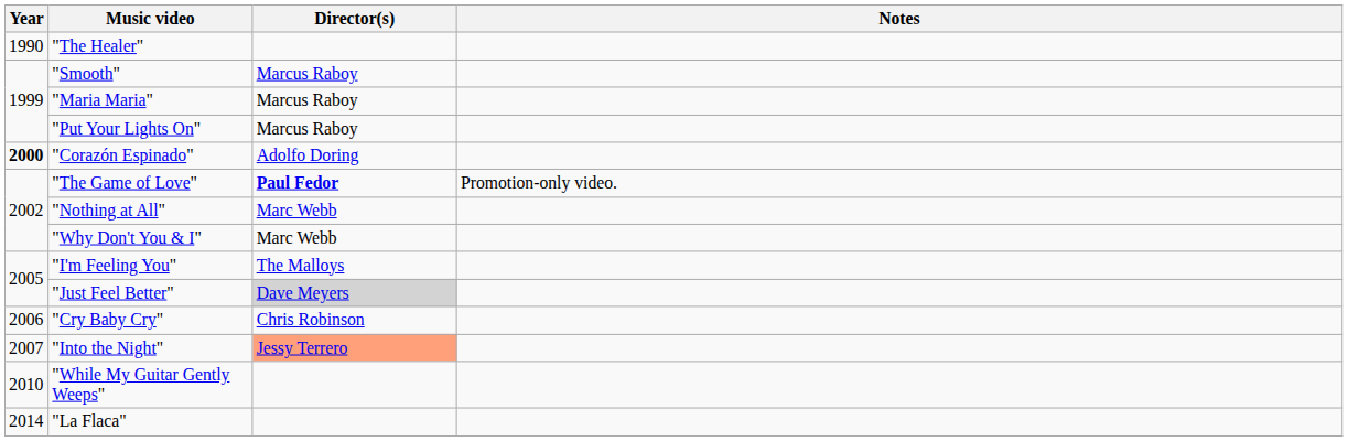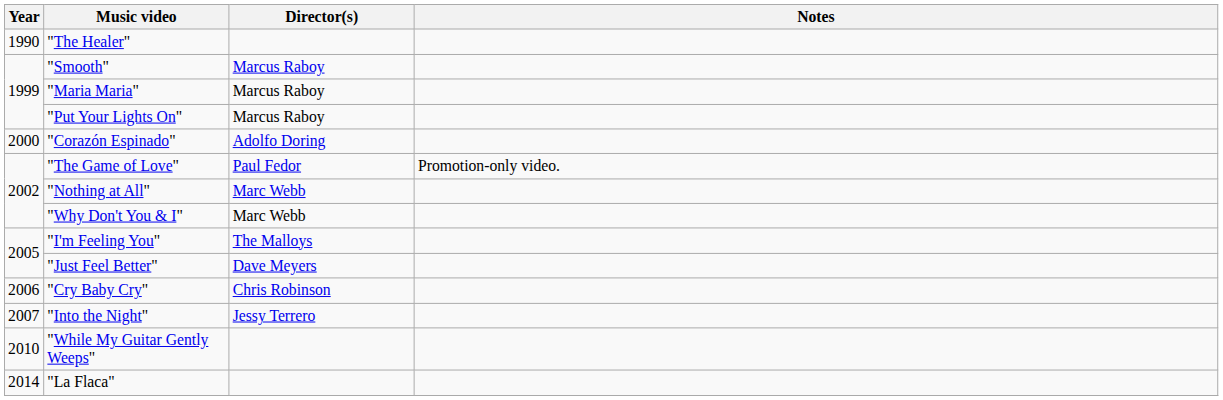 <table class="wikitable" style="width:98%;">
 <tr>
 <th width=3%>Year</th>
 <th style="width:15%;">Music video</th>
 <th style="width:15%;">Director(s)</th>
 <th style="width:65%;">Notes</th>
 </tr>
 <tr>
 <td>1990</td>
 <td>"<a href='#'>The Healer</a>"</td>
 <td></td>
 <td></td>
 </tr>
 <tr>
 <td rowspan="3">1999</td>
 <td>"<a href='#'>Smooth</a>"</td>
 <td><a href='#'>Marcus Raboy</a></td>
 <td></td>
 </tr>
 <tr>
 <td>"<a href='#'>Maria Maria</a>"</td>
 <td>Marcus Raboy</td>
 <td></td>
 </tr>
 <tr>
 <td>"<a href='#'>Put Your Lights On</a>"</td>
 <td>Marcus Raboy</td>
 <td></td>
 </tr>
 <tr>
-<td><strong>2000</strong></td>
+<td>2000</td>
 <td>"<a href='#'>Corazón Espinado</a>"</td>
 <td><a href='#'>Adolfo Doring</a></td>
 <td></td>
 </tr>
 <tr>
 <td rowspan="3">2002</td>
 <td>"<a href='#'>The Game of Love</a>"</td>
-<td><strong><a href='#'>Paul Fedor</a></strong></td>
+<td><a href='#'>Paul Fedor</a></td>
 <td>Promotion-only video.</td>
 </tr>
 <tr>
 <td>"<a href='#'>Nothing at All</a>"</td>
 <td><a href='#'>Marc Webb</a></td>
 <td></td>
 </tr>
 <tr>
 <td>"<a href='#'>Why Don't You & I</a>"</td>
 <td>Marc Webb</td>
 <td></td>
 </tr>
 <tr>
 <td rowspan="2">2005</td>
 <td>"<a href='#'>I'm Feeling You</a>"</td>
 <td><a href='#'>The Malloys</a></td>
 <td></td>
 </tr>
 <tr>
 <td>"<a href='#'>Just Feel Better</a>"</td>
-<td style="background: lightgrey;"><a href='#'>Dave Meyers</a></td>
+<td><a href='#'>Dave Meyers</a></td>
 <td></td>
 </tr>
 <tr>
 <td rowspan="1">2006</td>
 <td>"<a href='#'>Cry Baby Cry</a>"</td>
 <td><a href='#'>Chris Robinson</a></td>
 <td></td>
 </tr>
 <tr>
 <td>2007</td>
 <td>"<a href='#'>Into the Night</a>"</td>
-<td style="background: lightsalmon;"><a href='#'>Jessy Terrero</a></td>
+<td><a href='#'>Jessy Terrero</a></td>
 <td></td>
 </tr>
 <tr>
 <td>2010</td>
 <td>"<a href='#'>While My Guitar Gently Weeps</a>"</td>
 <td></td>
 <td></td>
 </tr>
 <tr>
 <td>2014</td>
 <td>"La Flaca"</td>
 <td></td>
 <td></td>
 </tr>
 <tr>
 </tr>
 </table>
